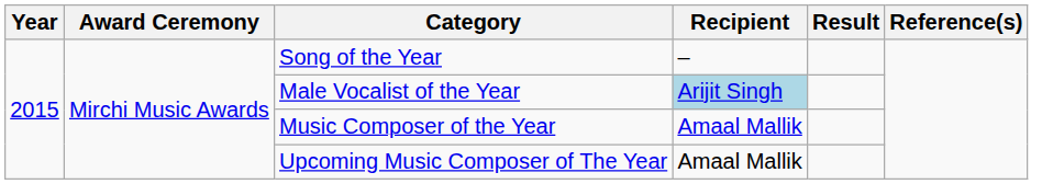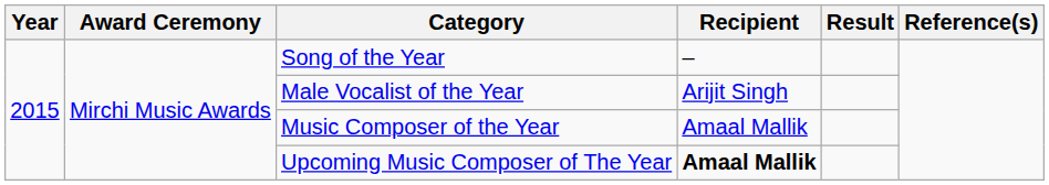 <table class="wikitable">
 <tr>
 <th>Year</th>
 <th>Award Ceremony</th>
 <th>Category</th>
 <th>Recipient</th>
 <th>Result</th>
 <th>Reference(s)</th>
 </tr>
 <tr>
 <td rowspan="4"><a href='#'>2015</a></td>
 <td rowspan="4"><a href='#'>Mirchi Music Awards</a></td>
 <td><a href='#'>Song of the Year</a></td>
 <td>–</td>
 <td></td>
 <td rowspan="4"></td>
 </tr>
 <tr>
 <td><a href='#'>Male Vocalist of the Year</a></td>
-<td style="background: lightblue;"><a href='#'>Arijit Singh</a></td>
+<td><a href='#'>Arijit Singh</a></td>
 <td></td>
 </tr>
 <tr>
 <td><a href='#'>Music Composer of the Year</a></td>
 <td><a href='#'>Amaal Mallik</a></td>
 <td></td>
 </tr>
 <tr>
 <td><a href='#'>Upcoming Music Composer of The Year</a></td>
-<td>Amaal Mallik</td>
+<td><strong>Amaal Mallik</strong></td>
 <td></td>
 </tr>
 </table>
